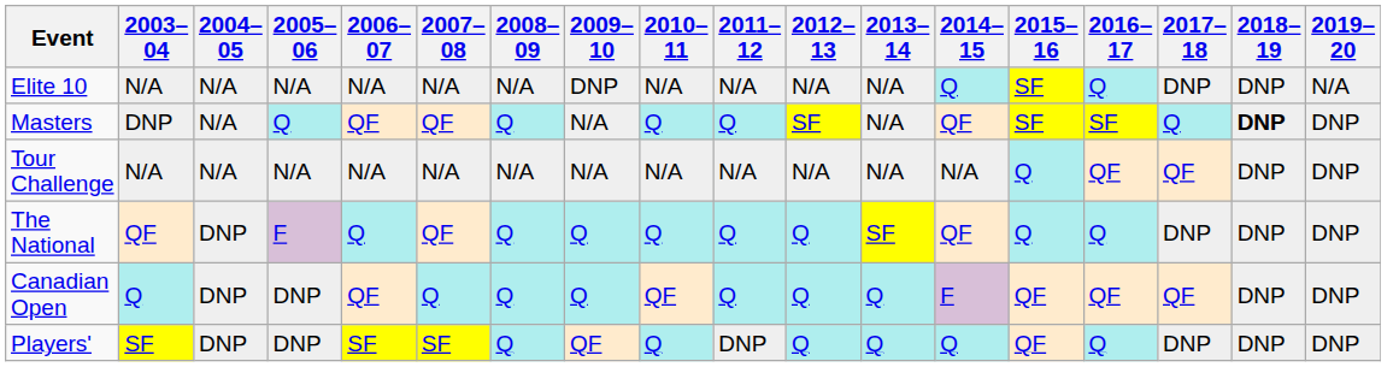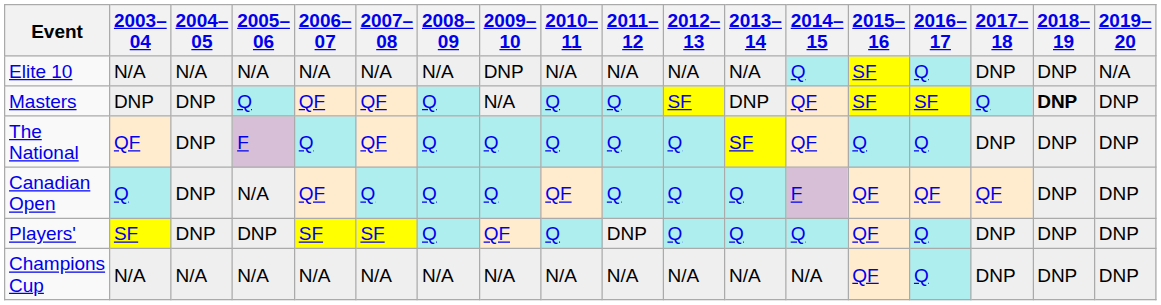 <table class="wikitable" style="font-size:95%;">
 <tr>
 <th>Event</th>
 <th><a href='#'>2003–04</a></th>
 <th><a href='#'>2004–05</a></th>
 <th><a href='#'>2005–06</a></th>
 <th><a href='#'>2006–07</a></th>
 <th><a href='#'>2007–08</a></th>
 <th><a href='#'>2008–09</a></th>
 <th><a href='#'>2009–10</a></th>
 <th><a href='#'>2010–11</a></th>
 <th><a href='#'>2011–12</a></th>
 <th><a href='#'>2012–13</a></th>
 <th><a href='#'>2013–14</a></th>
 <th><a href='#'>2014–15</a></th>
 <th><a href='#'>2015–16</a></th>
 <th><a href='#'>2016–17</a></th>
 <th><a href='#'>2017–18</a></th>
 <th><a href='#'>2018–19</a></th>
 <th><a href='#'>2019–20</a></th>
 </tr>
 <tr>
 <td><a href='#'>Elite 10</a></td>
 <td style="background:#EFEFEF;">N/A</td>
 <td style="background:#EFEFEF;">N/A</td>
 <td style="background:#EFEFEF;">N/A</td>
 <td style="background:#EFEFEF;">N/A</td>
 <td style="background:#EFEFEF;">N/A</td>
 <td style="background:#EFEFEF;">N/A</td>
 <td style="background:#EFEFEF;">DNP</td>
 <td style="background:#EFEFEF;">N/A</td>
 <td style="background:#EFEFEF;">N/A</td>
 <td style="background:#EFEFEF;">N/A</td>
 <td style="background:#EFEFEF;">N/A</td>
 <td style="background:#afeeee;"><a href='#'>Q</a></td>
 <td style="background:yellow;"><a href='#'>SF</a></td>
 <td style="background:#afeeee;"><a href='#'>Q</a></td>
 <td style="background:#EFEFEF;">DNP</td>
 <td style="background:#EFEFEF;">DNP</td>
 <td style="background:#EFEFEF;">N/A</td>
 </tr>
 <tr>
 <td><a href='#'>Masters</a></td>
 <td style="background:#EFEFEF;">DNP</td>
-<td style="background:#EFEFEF;">N/A</td>
+<td style="background:#EFEFEF;">DNP</td>
 <td style="background:#afeeee;"><a href='#'>Q</a></td>
 <td style="background:#ffebcd;"><a href='#'>QF</a></td>
 <td style="background:#ffebcd;"><a href='#'>QF</a></td>
 <td style="background:#afeeee;"><a href='#'>Q</a></td>
 <td style="background:#EFEFEF;">N/A</td>
 <td style="background:#afeeee;"><a href='#'>Q</a></td>
 <td style="background:#afeeee;"><a href='#'>Q</a></td>
 <td style="background:yellow;"><a href='#'>SF</a></td>
-<td style="background:#EFEFEF;">N/A</td>
+<td style="background:#EFEFEF;">DNP</td>
 <td style="background:#ffebcd;"><a href='#'>QF</a></td>
 <td style="background:yellow;"><a href='#'>SF</a></td>
 <td style="background:yellow;"><a href='#'>SF</a></td>
 <td style="background:#afeeee;"><a href='#'>Q</a></td>
 <td style="background:#EFEFEF;"><strong>DNP</strong></td>
-<td style="background:#EFEFEF;">DNP</td>
-</tr>
-<tr>
-<td><a href='#'>Tour Challenge</a></td>
-<td style="background:#EFEFEF;">N/A</td>
-<td style="background:#EFEFEF;">N/A</td>
-<td style="background:#EFEFEF;">N/A</td>
-<td style="background:#EFEFEF;">N/A</td>
-<td style="background:#EFEFEF;">N/A</td>
-<td style="background:#EFEFEF;">N/A</td>
-<td style="background:#EFEFEF;">N/A</td>
-<td style="background:#EFEFEF;">N/A</td>
-<td style="background:#EFEFEF;">N/A</td>
-<td style="background:#EFEFEF;">N/A</td>
-<td style="background:#EFEFEF;">N/A</td>
-<td style="background:#EFEFEF;">N/A</td>
-<td style="background:#afeeee;"><a href='#'>Q</a></td>
-<td style="background:#ffebcd;"><a href='#'>QF</a></td>
-<td style="background:#ffebcd;"><a href='#'>QF</a></td>
-<td style="background:#EFEFEF;">DNP</td>
 <td style="background:#EFEFEF;">DNP</td>
 </tr>
 <tr>
 <td><a href='#'>The National</a></td>
 <td style="background:#ffebcd;"><a href='#'>QF</a></td>
 <td style="background:#EFEFEF;">DNP</td>
 <td style="background:thistle;"><a href='#'>F</a></td>
 <td style="background:#afeeee;"><a href='#'>Q</a></td>
 <td style="background:#ffebcd;"><a href='#'>QF</a></td>
 <td style="background:#afeeee;"><a href='#'>Q</a></td>
 <td style="background:#afeeee;"><a href='#'>Q</a></td>
 <td style="background:#afeeee;"><a href='#'>Q</a></td>
 <td style="background:#afeeee;"><a href='#'>Q</a></td>
 <td style="background:#afeeee;"><a href='#'>Q</a></td>
 <td style="background:yellow;"><a href='#'>SF</a></td>
 <td style="background:#ffebcd;"><a href='#'>QF</a></td>
 <td style="background:#afeeee;"><a href='#'>Q</a></td>
 <td style="background:#afeeee;"><a href='#'>Q</a></td>
 <td style="background:#EFEFEF;">DNP</td>
 <td style="background:#EFEFEF;">DNP</td>
 <td style="background:#EFEFEF;">DNP</td>
 </tr>
 <tr>
 <td><a href='#'>Canadian Open</a></td>
 <td style="background:#afeeee;"><a href='#'>Q</a></td>
 <td style="background:#EFEFEF;">DNP</td>
-<td style="background:#EFEFEF;">DNP</td>
+<td style="background:#EFEFEF;">N/A</td>
 <td style="background:#ffebcd;"><a href='#'>QF</a></td>
 <td style="background:#afeeee;"><a href='#'>Q</a></td>
 <td style="background:#afeeee;"><a href='#'>Q</a></td>
 <td style="background:#afeeee;"><a href='#'>Q</a></td>
 <td style="background:#ffebcd;"><a href='#'>QF</a></td>
 <td style="background:#afeeee;"><a href='#'>Q</a></td>
 <td style="background:#afeeee;"><a href='#'>Q</a></td>
 <td style="background:#afeeee;"><a href='#'>Q</a></td>
 <td style="background:thistle;"><a href='#'>F</a></td>
 <td style="background:#ffebcd;"><a href='#'>QF</a></td>
 <td style="background:#ffebcd;"><a href='#'>QF</a></td>
 <td style="background:#ffebcd;"><a href='#'>QF</a></td>
 <td style="background:#EFEFEF;">DNP</td>
 <td style="background:#EFEFEF;">DNP</td>
 </tr>
 <tr>
 <td><a href='#'>Players'</a></td>
 <td style="background:yellow;"><a href='#'>SF</a></td>
 <td style="background:#EFEFEF;">DNP</td>
 <td style="background:#EFEFEF;">DNP</td>
 <td style="background:yellow;"><a href='#'>SF</a></td>
 <td style="background:yellow;"><a href='#'>SF</a></td>
 <td style="background:#afeeee;"><a href='#'>Q</a></td>
 <td style="background:#ffebcd;"><a href='#'>QF</a></td>
 <td style="background:#afeeee;"><a href='#'>Q</a></td>
 <td style="background:#EFEFEF;">DNP</td>
 <td style="background:#afeeee;"><a href='#'>Q</a></td>
 <td style="background:#afeeee;"><a href='#'>Q</a></td>
 <td style="background:#afeeee;"><a href='#'>Q</a></td>
 <td style="background:#ffebcd;"><a href='#'>QF</a></td>
 <td style="background:#afeeee;"><a href='#'>Q</a></td>
 <td style="background:#EFEFEF;">DNP</td>
 <td style="background:#EFEFEF;">DNP</td>
 <td style="background:#EFEFEF;">DNP</td>
 </tr>
+<tr>
+<td><a href='#'>Champions Cup</a></td>
+<td style="background:#EFEFEF;">N/A</td>
+<td style="background:#EFEFEF;">N/A</td>
+<td style="background:#EFEFEF;">N/A</td>
+<td style="background:#EFEFEF;">N/A</td>
+<td style="background:#EFEFEF;">N/A</td>
+<td style="background:#EFEFEF;">N/A</td>
+<td style="background:#EFEFEF;">N/A</td>
+<td style="background:#EFEFEF;">N/A</td>
+<td style="background:#EFEFEF;">N/A</td>
+<td style="background:#EFEFEF;">N/A</td>
+<td style="background:#EFEFEF;">N/A</td>
+<td style="background:#EFEFEF;">N/A</td>
+<td style="background:#ffebcd;"><a href='#'>QF</a></td>
+<td style="background:#afeeee;"><a href='#'>Q</a></td>
+<td style="background:#EFEFEF;">DNP</td>
+<td style="background:#EFEFEF;">DNP</td>
+<td style="background:#EFEFEF;">DNP</td>
+</tr>
 </table>
